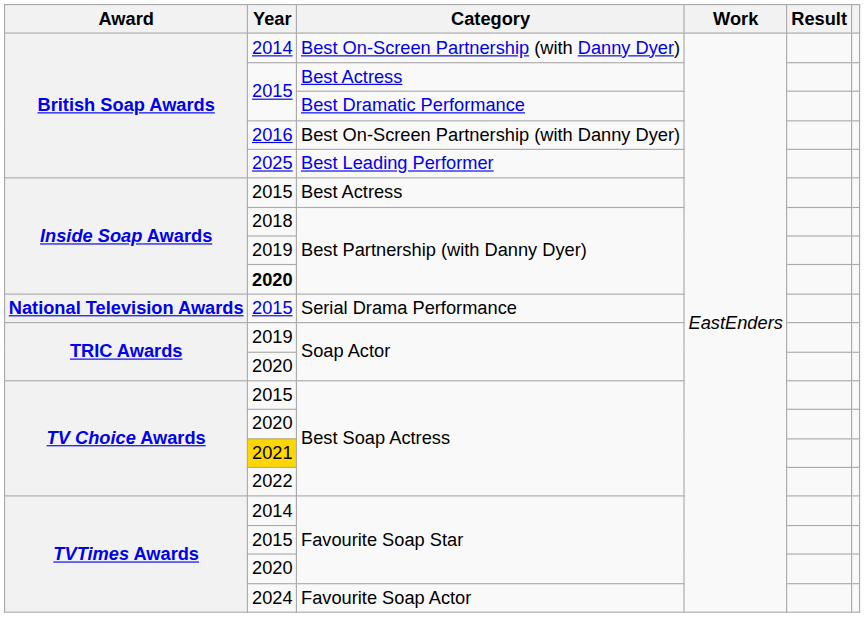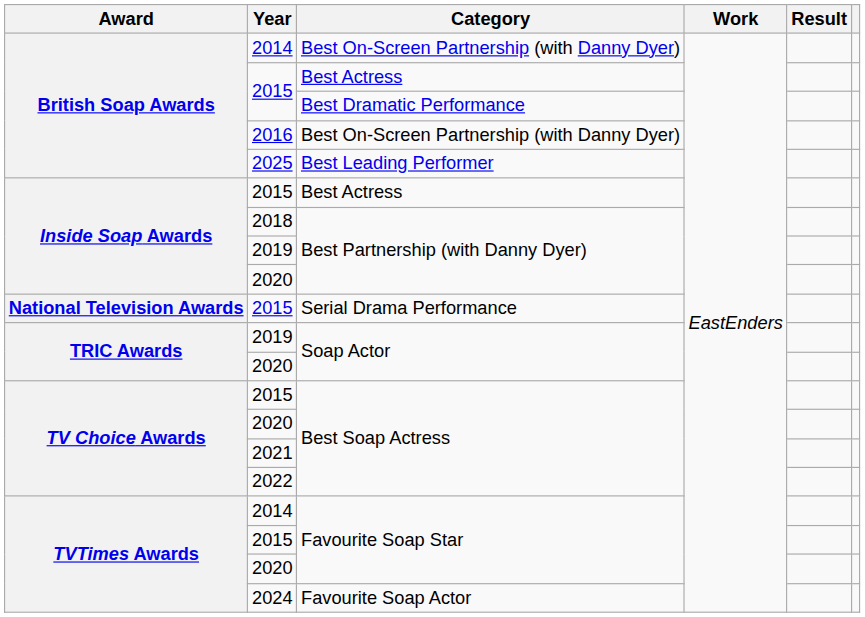 <table class="wikitable sortable plainrowheaders">
 <tr>
 <th scope="col">Award</th>
 <th scope="col">Year</th>
 <th scope="col">Category</th>
 <th scope="col">Work</th>
 <th scope="col">Result</th>
 <th scope="col" class="unsortable"></th>
 </tr>
 <tr>
 <th scope="row" rowspan="5"><a href='#'>British Soap Awards</a></th>
 <td style="text-align:center;"><a href='#'>2014</a></td>
 <td><a href='#'>Best On-Screen Partnership</a> (with <a href='#'>Danny Dyer</a>)</td>
 <td rowspan="20"><em>EastEnders</em></td>
 <td></td>
 <td style="text-align:center;"></td>
 </tr>
 <tr>
 <td style="text-align:center;" rowspan="2"><a href='#'>2015</a></td>
 <td><a href='#'>Best Actress</a></td>
 <td></td>
 <td style="text-align:center;"></td>
 </tr>
 <tr>
 <td><a href='#'>Best Dramatic Performance</a></td>
 <td></td>
 <td style="text-align:center;"></td>
 </tr>
 <tr>
 <td style="text-align:center;"><a href='#'>2016</a></td>
 <td>Best On-Screen Partnership (with Danny Dyer)</td>
 <td></td>
 <td style="text-align:center;"></td>
 </tr>
 <tr>
 <td style="text-align:center;"><a href='#'>2025</a></td>
 <td><a href='#'>Best Leading Performer</a></td>
 <td></td>
 <td style="text-align:center;"></td>
 </tr>
 <tr>
 <th scope="row" rowspan="4"><a href='#'><em>Inside Soap</em> Awards</a></th>
 <td style="text-align:center;">2015</td>
 <td>Best Actress</td>
 <td></td>
 <td style="text-align:center;"></td>
 </tr>
 <tr>
 <td style="text-align:center;">2018</td>
 <td rowspan="3">Best Partnership (with Danny Dyer)</td>
 <td></td>
 <td style="text-align:center;"></td>
 </tr>
 <tr>
 <td style="text-align:center;">2019</td>
 <td></td>
 <td style="text-align:center;"></td>
 </tr>
 <tr>
-<td style="text-align:center;"><strong>2020</strong></td>
+<td style="text-align:center;">2020</td>
 <td></td>
 <td style="text-align:center;"></td>
 </tr>
 <tr>
 <th scope="row"><a href='#'>National Television Awards</a></th>
 <td style="text-align:center;"><a href='#'>2015</a></td>
 <td>Serial Drama Performance</td>
 <td></td>
 <td style="text-align:center;"></td>
 </tr>
 <tr>
 <th scope="row" rowspan="2"><a href='#'>TRIC Awards</a></th>
 <td style="text-align:center;">2019</td>
 <td rowspan="2">Soap Actor</td>
 <td></td>
 <td style="text-align:center;"></td>
 </tr>
 <tr>
 <td style="text-align:center;">2020</td>
 <td></td>
 <td style="text-align:center;"></td>
 </tr>
 <tr>
 <th scope="row" rowspan="4"><a href='#'><em>TV Choice</em> Awards</a></th>
 <td style="text-align:center;">2015</td>
 <td rowspan="4">Best Soap Actress</td>
 <td></td>
 <td style="text-align:center;"></td>
 </tr>
 <tr>
 <td style="text-align:center;">2020</td>
 <td></td>
 <td style="text-align:center;"></td>
 </tr>
 <tr>
-<td style="background: gold; text-align:center;">2021</td>
+<td style="text-align:center;">2021</td>
 <td></td>
 <td style="text-align:center;"></td>
 </tr>
 <tr>
 <td style="text-align:center;">2022</td>
 <td></td>
 <td style="text-align:center;"></td>
 </tr>
 <tr>
 <th scope="row" rowspan="4"><a href='#'><em>TVTimes</em> Awards</a></th>
 <td style="text-align:center;">2014</td>
 <td rowspan="3">Favourite Soap Star</td>
 <td></td>
 <td style="text-align:center;"></td>
 </tr>
 <tr>
 <td style="text-align:center;">2015</td>
 <td></td>
 <td style="text-align:center;"></td>
 </tr>
 <tr>
 <td style="text-align:center;">2020</td>
 <td></td>
 <td style="text-align:center;"></td>
 </tr>
 <tr>
 <td style="text-align:center;">2024</td>
 <td>Favourite Soap Actor</td>
 <td></td>
 <td style="text-align:center;"></td>
 </tr>
 </table>
